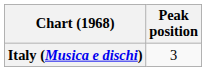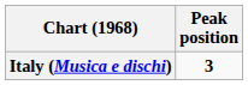 <table class="wikitable plainrowheaders" style="text-align:center">
 <tr>
 <th scope="col">Chart (1968)</th>
 <th scope="col">Peak<br>position</th>
 </tr>
 <tr>
 <th scope="row">Italy (<em><a href='#'>Musica e dischi</a></em>)</th>
-<td>3</td>
+<td><strong>3</strong></td>
 </tr>
 </table>
